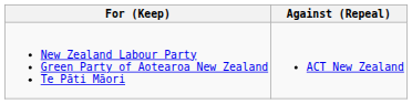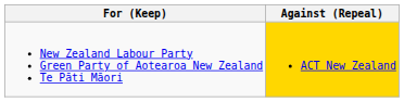 <table class="wikitable mw-collapsible">
 <tr>
 <th>For  (Keep)</th>
 <th>Against  (Repeal)</th>
 </tr>
 <tr>
 <td><br><ul><li><a href='#'>New Zealand Labour Party</a></li><li><a href='#'>Green Party of Aotearoa New Zealand</a></li><li><a href='#'>Te Pāti Māori</a></li></ul></td>
-<td><br><ul><li><a href='#'>ACT New Zealand</a></li></ul></td>
+<td style="background: gold;"><br><ul><li><a href='#'>ACT New Zealand</a></li></ul></td>
 </tr>
 </table>
